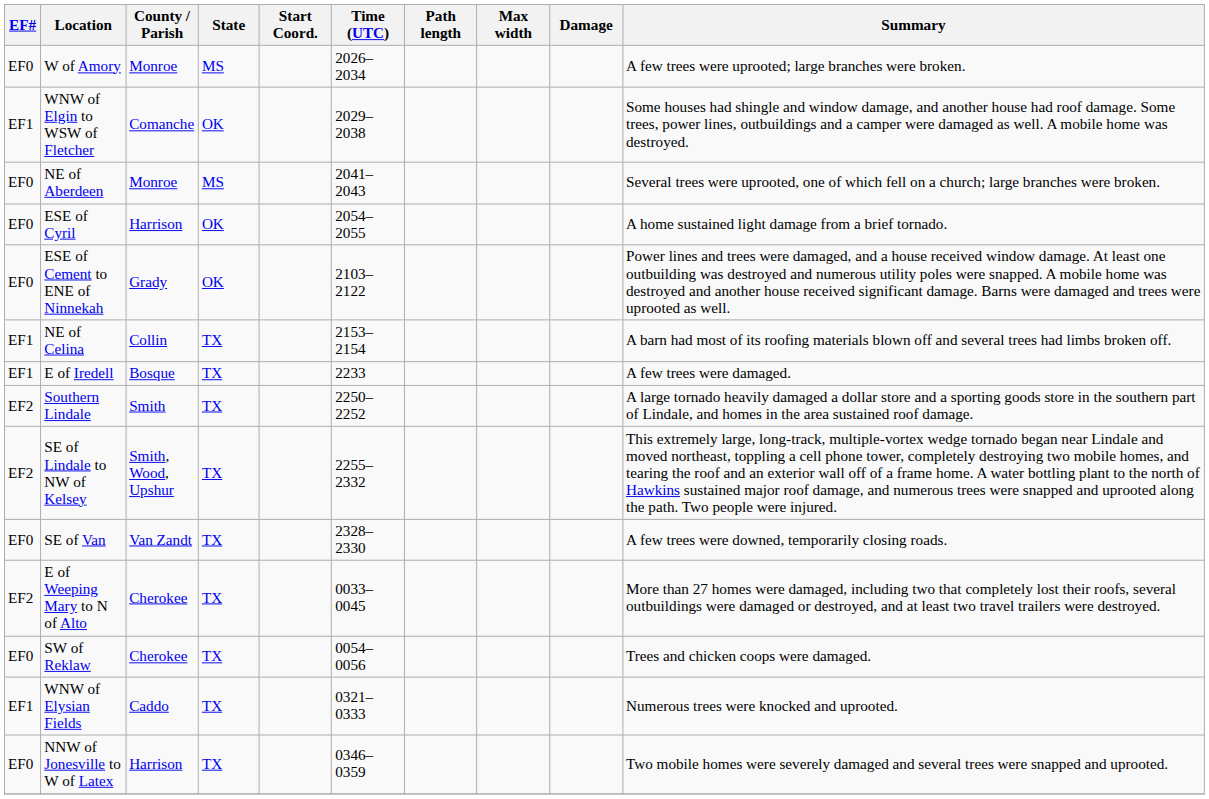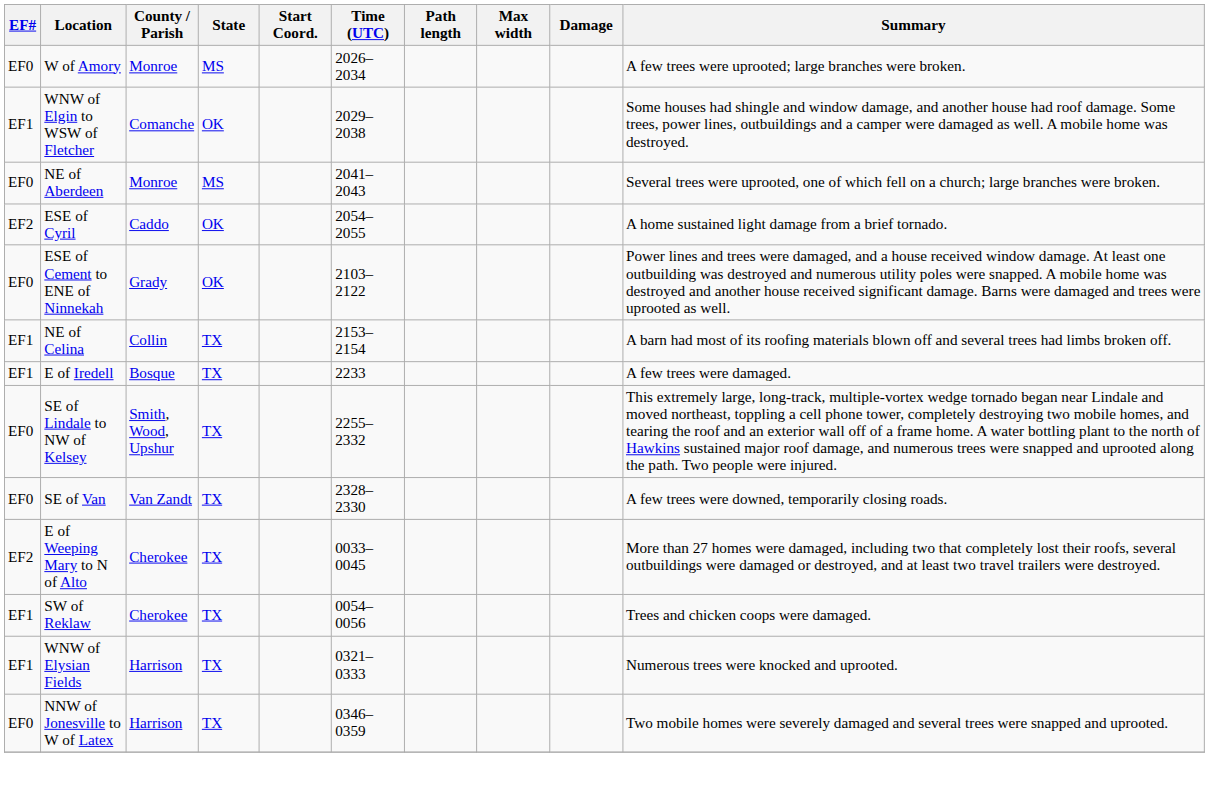 <table class="wikitable sortable" style="width:100%;">
 <tr>
 <th scope="col" width="3%" align="center"><a href='#'>EF#</a></th>
 <th scope="col" width="7%" align="center" class="unsortable">Location</th>
 <th scope="col" width="6%" align="center" class="unsortable">County / Parish</th>
 <th scope="col" width="5%" align="center">State</th>
 <th scope="col" width="6%" align="center">Start Coord.</th>
 <th scope="col" width="6%" align="center">Time (<a href='#'>UTC</a>)</th>
 <th scope="col" width="6%" align="center">Path length</th>
 <th scope="col" width="6%" align="center">Max width</th>
 <th scope="col" width="6%" align="center">Damage</th>
 <th scope="col" width="48%" class="unsortable" align="center">Summary</th>
 </tr>
 <tr>
 <td>EF0</td>
 <td>W of <a href='#'>Amory</a></td>
 <td><a href='#'>Monroe</a></td>
 <td><a href='#'>MS</a></td>
 <td></td>
 <td>2026–2034</td>
 <td></td>
 <td></td>
 <td></td>
 <td>A few trees were uprooted; large branches were broken.</td>
 </tr>
 <tr>
 <td>EF1</td>
 <td>WNW of <a href='#'>Elgin</a> to WSW of <a href='#'>Fletcher</a></td>
 <td><a href='#'>Comanche</a></td>
 <td><a href='#'>OK</a></td>
 <td></td>
 <td>2029–2038</td>
 <td></td>
 <td></td>
 <td></td>
 <td>Some houses had shingle and window damage, and another house had roof damage. Some trees, power lines, outbuildings and a camper were damaged as well. A mobile home was destroyed.</td>
 </tr>
 <tr>
 <td>EF0</td>
 <td>NE of <a href='#'>Aberdeen</a></td>
 <td><a href='#'>Monroe</a></td>
 <td><a href='#'>MS</a></td>
 <td></td>
 <td>2041–2043</td>
 <td></td>
 <td></td>
 <td></td>
 <td>Several trees were uprooted, one of which fell on a church; large branches were broken.</td>
 </tr>
 <tr>
-<td>EF0</td>
+<td>EF2</td>
 <td>ESE of <a href='#'>Cyril</a></td>
-<td><a href='#'>Harrison</a></td>
+<td><a href='#'>Caddo</a></td>
 <td><a href='#'>OK</a></td>
 <td></td>
 <td>2054–2055</td>
 <td></td>
 <td></td>
 <td></td>
 <td>A home sustained light damage from a brief tornado.</td>
 </tr>
 <tr>
 <td>EF0</td>
 <td>ESE of <a href='#'>Cement</a> to ENE of <a href='#'>Ninnekah</a></td>
 <td><a href='#'>Grady</a></td>
 <td><a href='#'>OK</a></td>
 <td></td>
 <td>2103–2122</td>
 <td></td>
 <td></td>
 <td></td>
 <td>Power lines and trees were damaged, and a house received window damage. At least one outbuilding was destroyed and numerous utility poles were snapped. A mobile home was destroyed and another house received significant damage. Barns were damaged and trees were uprooted as well.</td>
 </tr>
 <tr>
 <td>EF1</td>
 <td>NE of <a href='#'>Celina</a></td>
 <td><a href='#'>Collin</a></td>
 <td><a href='#'>TX</a></td>
 <td></td>
 <td>2153–2154</td>
 <td></td>
 <td></td>
 <td></td>
 <td>A barn had most of its roofing materials blown off and several trees had limbs broken off.</td>
 </tr>
 <tr>
 <td>EF1</td>
 <td>E of <a href='#'>Iredell</a></td>
 <td><a href='#'>Bosque</a></td>
 <td><a href='#'>TX</a></td>
 <td></td>
 <td>2233</td>
 <td></td>
 <td></td>
 <td></td>
 <td>A few trees were damaged.</td>
 </tr>
 <tr>
-<td>EF2</td>
-<td><a href='#'>Southern Lindale</a></td>
-<td><a href='#'>Smith</a></td>
-<td><a href='#'>TX</a></td>
-<td></td>
-<td>2250–2252</td>
-<td></td>
-<td></td>
-<td></td>
-<td>A large tornado heavily damaged a dollar store and a sporting goods store in the southern part of Lindale, and homes in the area sustained roof damage.</td>
-</tr>
-<tr>
-<td>EF2</td>
+<td>EF0</td>
 <td>SE of <a href='#'>Lindale</a> to NW of <a href='#'>Kelsey</a></td>
 <td><a href='#'>Smith</a>, <a href='#'>Wood</a>, <a href='#'>Upshur</a></td>
 <td><a href='#'>TX</a></td>
 <td></td>
 <td>2255–2332</td>
 <td></td>
 <td></td>
 <td></td>
 <td>This extremely large, long-track, multiple-vortex wedge tornado began near Lindale and moved northeast, toppling a cell phone tower, completely destroying two mobile homes, and tearing the roof and an exterior wall off of a frame home. A water bottling plant to the north of <a href='#'>Hawkins</a> sustained major roof damage, and numerous trees were snapped and uprooted along the path. Two people were injured.<br></td>
 </tr>
 <tr>
 <td>EF0</td>
 <td>SE of <a href='#'>Van</a></td>
 <td><a href='#'>Van Zandt</a></td>
 <td><a href='#'>TX</a></td>
 <td></td>
 <td>2328–2330</td>
 <td></td>
 <td></td>
 <td></td>
 <td>A few trees were downed, temporarily closing roads.</td>
 </tr>
 <tr>
 <td>EF2</td>
 <td>E of <a href='#'>Weeping Mary</a> to N of <a href='#'>Alto</a></td>
 <td><a href='#'>Cherokee</a></td>
 <td><a href='#'>TX</a></td>
 <td></td>
 <td>0033–0045</td>
 <td></td>
 <td></td>
 <td></td>
 <td>More than 27 homes were damaged, including two that completely lost their roofs, several outbuildings were damaged or destroyed, and at least two travel trailers were destroyed.</td>
 </tr>
 <tr>
-<td>EF0</td>
+<td>EF1</td>
 <td>SW of <a href='#'>Reklaw</a></td>
 <td><a href='#'>Cherokee</a></td>
 <td><a href='#'>TX</a></td>
 <td></td>
 <td>0054–0056</td>
 <td></td>
 <td></td>
 <td></td>
 <td>Trees and chicken coops were damaged.</td>
 </tr>
 <tr>
 <td>EF1</td>
 <td>WNW of <a href='#'>Elysian Fields</a></td>
-<td><a href='#'>Caddo</a></td>
+<td><a href='#'>Harrison</a></td>
 <td><a href='#'>TX</a></td>
 <td></td>
 <td>0321–0333</td>
 <td></td>
 <td></td>
 <td></td>
 <td>Numerous trees were knocked and uprooted.</td>
 </tr>
 <tr>
 <td>EF0</td>
 <td>NNW of <a href='#'>Jonesville</a> to W of <a href='#'>Latex</a></td>
 <td><a href='#'>Harrison</a></td>
 <td><a href='#'>TX</a></td>
 <td></td>
 <td>0346–0359</td>
 <td></td>
 <td></td>
 <td></td>
 <td>Two mobile homes were severely damaged and several trees were snapped and uprooted.</td>
 </tr>
 <tr>
 </tr>
 </table>
